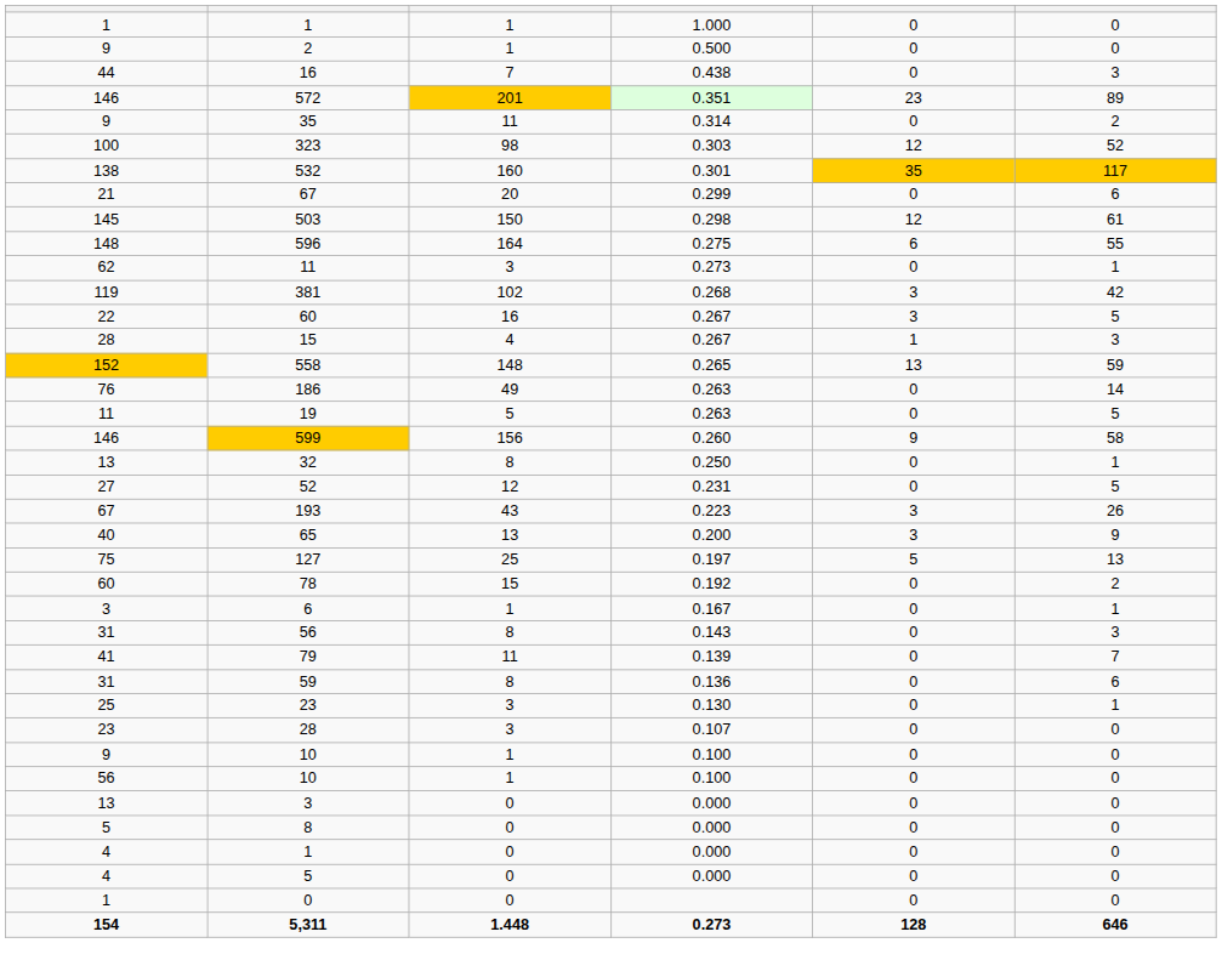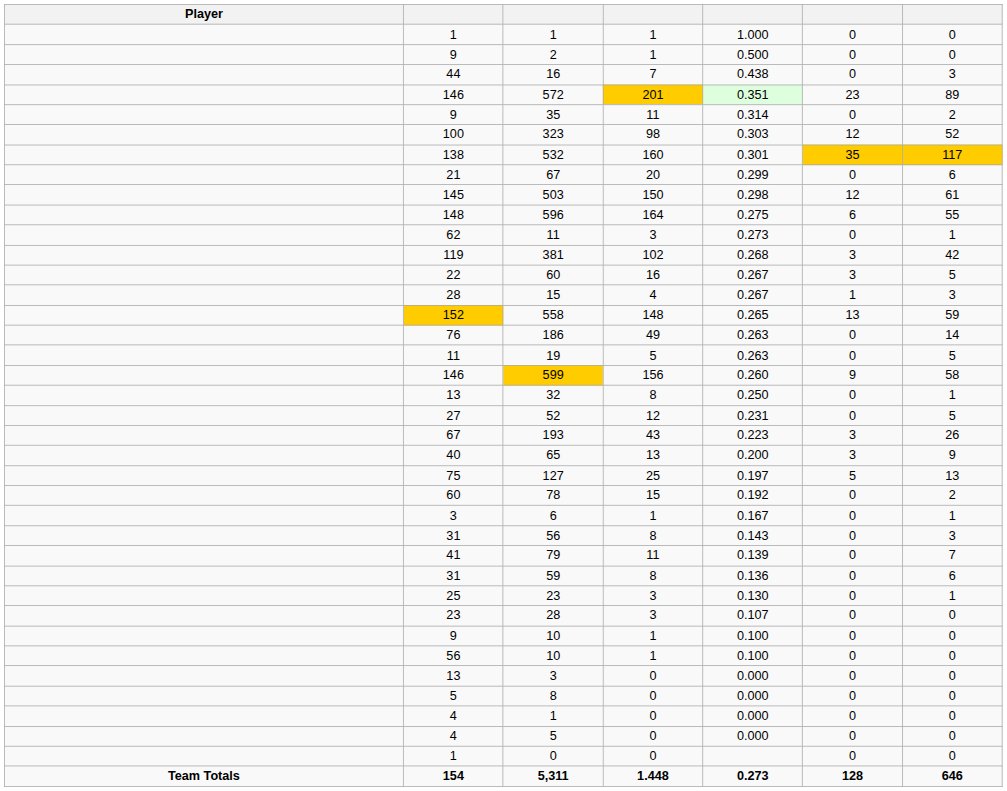 <table class="wikitable sortable" style="text-align:center;" width="100%">
 <tr>
+<th width="40%">Player</th>
 <th width="10%"></th>
 <th width="10%"></th>
 <th width="10%"></th>
 <th width="10%"></th>
 <th width="10%"></th>
 <th width="10%"></th>
 </tr>
 <tr>
+<td></td>
 <td>1</td>
 <td>1</td>
 <td>1</td>
 <td>1.000</td>
 <td>0</td>
 <td>0</td>
 </tr>
 <tr>
+<td></td>
 <td>9</td>
 <td>2</td>
 <td>1</td>
 <td>0.500</td>
 <td>0</td>
 <td>0</td>
 </tr>
 <tr>
+<td></td>
 <td>44</td>
 <td>16</td>
 <td>7</td>
 <td>0.438</td>
 <td>0</td>
 <td>3</td>
 </tr>
 <tr>
+<td></td>
 <td>146</td>
 <td>572</td>
 <td style="background:#fc0;">201</td>
 <td style="background:#DDFFDD;">0.351</td>
 <td>23</td>
 <td>89</td>
 </tr>
 <tr>
+<td></td>
 <td>9</td>
 <td>35</td>
 <td>11</td>
 <td>0.314</td>
 <td>0</td>
 <td>2</td>
 </tr>
 <tr>
+<td></td>
 <td>100</td>
 <td>323</td>
 <td>98</td>
 <td>0.303</td>
 <td>12</td>
 <td>52</td>
 </tr>
 <tr>
+<td></td>
 <td>138</td>
 <td>532</td>
 <td>160</td>
 <td>0.301</td>
 <td style="background:#fc0;">35</td>
 <td style="background:#fc0;">117</td>
 </tr>
 <tr>
+<td></td>
 <td>21</td>
 <td>67</td>
 <td>20</td>
 <td>0.299</td>
 <td>0</td>
 <td>6</td>
 </tr>
 <tr>
+<td></td>
 <td>145</td>
 <td>503</td>
 <td>150</td>
 <td>0.298</td>
 <td>12</td>
 <td>61</td>
 </tr>
 <tr>
+<td></td>
 <td>148</td>
 <td>596</td>
 <td>164</td>
 <td>0.275</td>
 <td>6</td>
 <td>55</td>
 </tr>
 <tr>
+<td></td>
 <td>62</td>
 <td>11</td>
 <td>3</td>
 <td>0.273</td>
 <td>0</td>
 <td>1</td>
 </tr>
 <tr>
+<td></td>
 <td>119</td>
 <td>381</td>
 <td>102</td>
 <td>0.268</td>
 <td>3</td>
 <td>42</td>
 </tr>
 <tr>
+<td></td>
 <td>22</td>
 <td>60</td>
 <td>16</td>
 <td>0.267</td>
 <td>3</td>
 <td>5</td>
 </tr>
 <tr>
+<td></td>
 <td>28</td>
 <td>15</td>
 <td>4</td>
 <td>0.267</td>
 <td>1</td>
 <td>3</td>
 </tr>
 <tr>
+<td></td>
 <td style="background:#fc0;">152</td>
 <td>558</td>
 <td>148</td>
 <td>0.265</td>
 <td>13</td>
 <td>59</td>
 </tr>
 <tr>
+<td></td>
 <td>76</td>
 <td>186</td>
 <td>49</td>
 <td>0.263</td>
 <td>0</td>
 <td>14</td>
 </tr>
 <tr>
+<td></td>
 <td>11</td>
 <td>19</td>
 <td>5</td>
 <td>0.263</td>
 <td>0</td>
 <td>5</td>
 </tr>
 <tr>
+<td></td>
 <td>146</td>
 <td style="background:#fc0;">599</td>
 <td>156</td>
 <td>0.260</td>
 <td>9</td>
 <td>58</td>
 </tr>
 <tr>
+<td></td>
 <td>13</td>
 <td>32</td>
 <td>8</td>
 <td>0.250</td>
 <td>0</td>
 <td>1</td>
 </tr>
 <tr>
+<td></td>
 <td>27</td>
 <td>52</td>
 <td>12</td>
 <td>0.231</td>
 <td>0</td>
 <td>5</td>
 </tr>
 <tr>
+<td></td>
 <td>67</td>
 <td>193</td>
 <td>43</td>
 <td>0.223</td>
 <td>3</td>
 <td>26</td>
 </tr>
 <tr>
+<td></td>
 <td>40</td>
 <td>65</td>
 <td>13</td>
 <td>0.200</td>
 <td>3</td>
 <td>9</td>
 </tr>
 <tr>
+<td></td>
 <td>75</td>
 <td>127</td>
 <td>25</td>
 <td>0.197</td>
 <td>5</td>
 <td>13</td>
 </tr>
 <tr>
+<td></td>
 <td>60</td>
 <td>78</td>
 <td>15</td>
 <td>0.192</td>
 <td>0</td>
 <td>2</td>
 </tr>
 <tr>
+<td></td>
 <td>3</td>
 <td>6</td>
 <td>1</td>
 <td>0.167</td>
 <td>0</td>
 <td>1</td>
 </tr>
 <tr>
+<td></td>
 <td>31</td>
 <td>56</td>
 <td>8</td>
 <td>0.143</td>
 <td>0</td>
 <td>3</td>
 </tr>
 <tr>
+<td></td>
 <td>41</td>
 <td>79</td>
 <td>11</td>
 <td>0.139</td>
 <td>0</td>
 <td>7</td>
 </tr>
 <tr>
+<td></td>
 <td>31</td>
 <td>59</td>
 <td>8</td>
 <td>0.136</td>
 <td>0</td>
 <td>6</td>
 </tr>
 <tr>
+<td></td>
 <td>25</td>
 <td>23</td>
 <td>3</td>
 <td>0.130</td>
 <td>0</td>
 <td>1</td>
 </tr>
 <tr>
+<td></td>
 <td>23</td>
 <td>28</td>
 <td>3</td>
 <td>0.107</td>
 <td>0</td>
 <td>0</td>
 </tr>
 <tr>
+<td></td>
 <td>9</td>
 <td>10</td>
 <td>1</td>
 <td>0.100</td>
 <td>0</td>
 <td>0</td>
 </tr>
 <tr>
+<td></td>
 <td>56</td>
 <td>10</td>
 <td>1</td>
 <td>0.100</td>
 <td>0</td>
 <td>0</td>
 </tr>
 <tr>
+<td></td>
 <td>13</td>
 <td>3</td>
 <td>0</td>
 <td>0.000</td>
 <td>0</td>
 <td>0</td>
 </tr>
 <tr>
+<td></td>
 <td>5</td>
 <td>8</td>
 <td>0</td>
 <td>0.000</td>
 <td>0</td>
 <td>0</td>
 </tr>
 <tr>
+<td></td>
 <td>4</td>
 <td>1</td>
 <td>0</td>
 <td>0.000</td>
 <td>0</td>
 <td>0</td>
 </tr>
 <tr>
+<td></td>
 <td>4</td>
 <td>5</td>
 <td>0</td>
 <td>0.000</td>
 <td>0</td>
 <td>0</td>
 </tr>
 <tr>
+<td></td>
 <td>1</td>
 <td>0</td>
 <td>0</td>
 <td></td>
 <td>0</td>
 <td>0</td>
 </tr>
 <tr>
+<td><strong>Team Totals</strong></td>
 <td><strong>154</strong></td>
 <td><strong>5,311</strong></td>
 <td><strong>1.448</strong></td>
 <td><strong>0.273</strong></td>
 <td><strong>128</strong></td>
 <td><strong>646</strong></td>
 </tr>
 </table>
